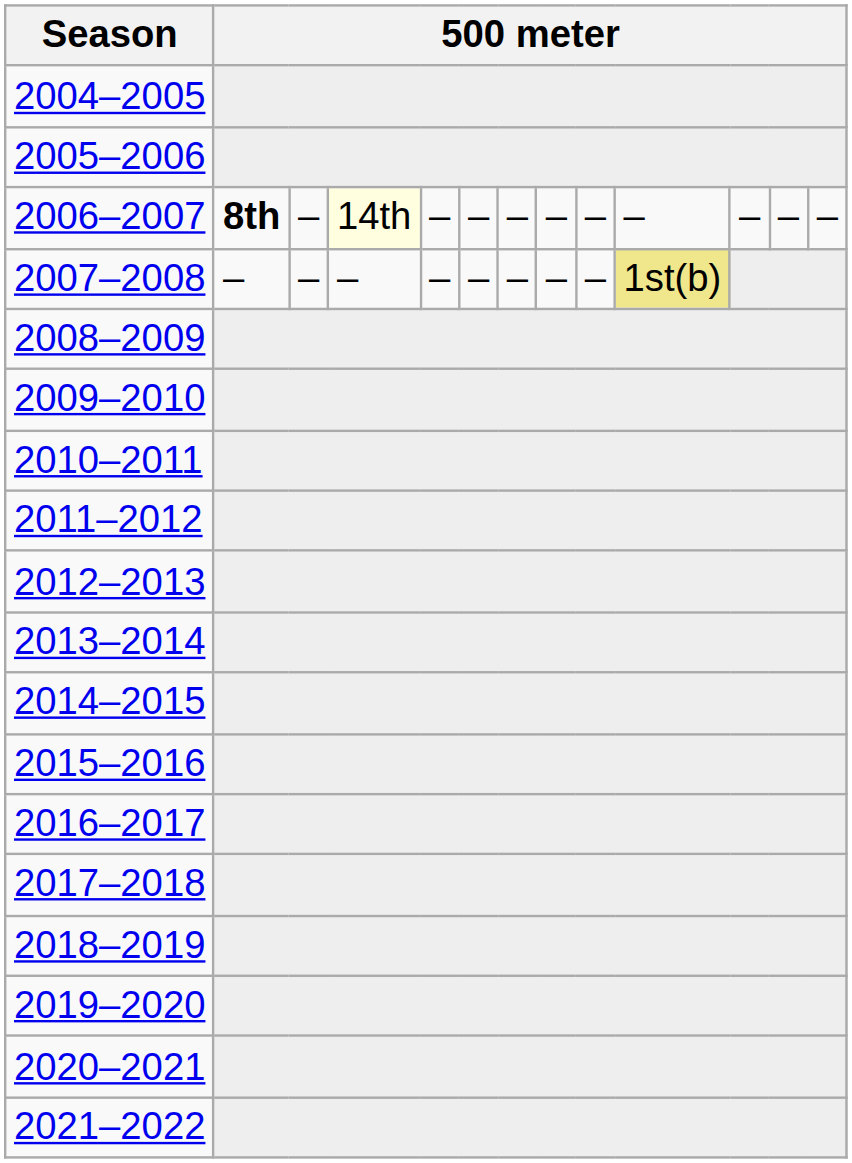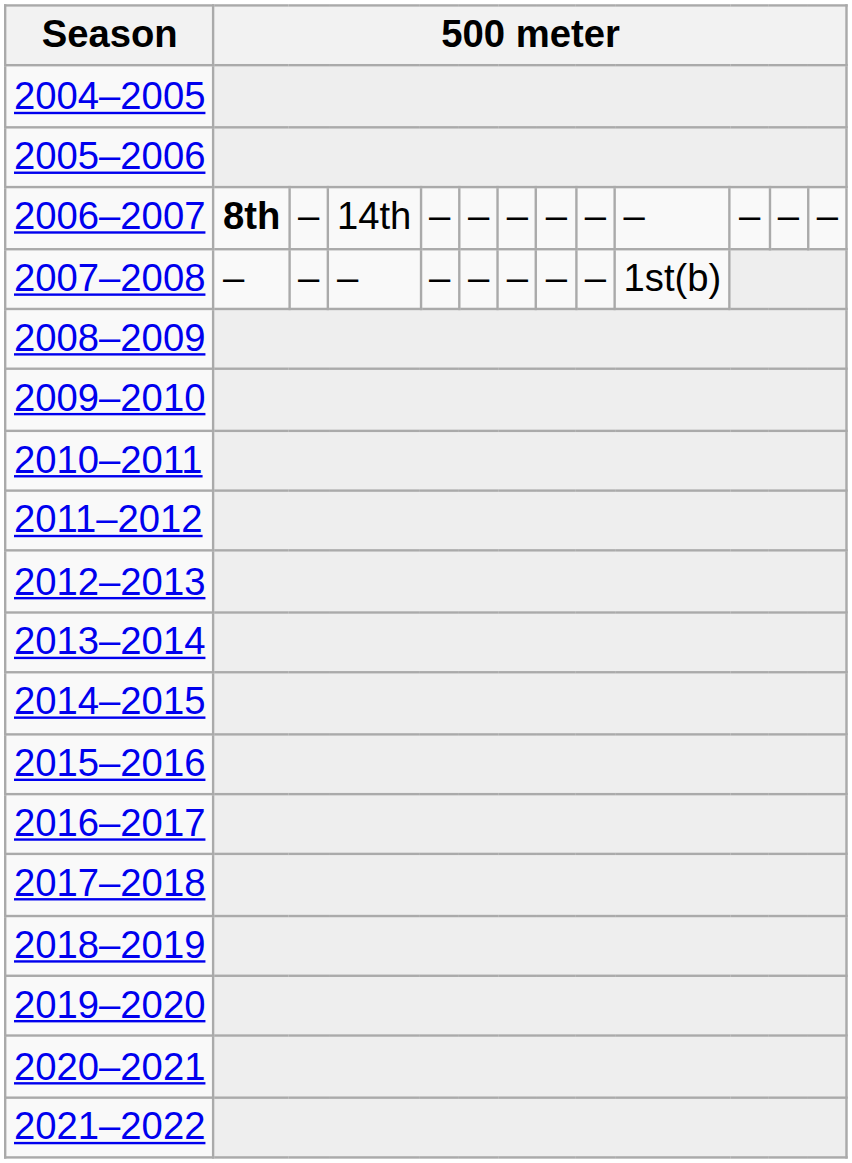 <table class="wikitable" style="display: inline-table;">
 <tr>
 <th>Season</th>
 <th colspan="12">500 meter</th>
 </tr>
 <tr>
 <td><a href='#'>2004–2005</a></td>
 <td colspan="12" bgcolor=#EEEEEE></td>
 </tr>
 <tr>
 <td><a href='#'>2005–2006</a></td>
 <td colspan="12" bgcolor=#EEEEEE></td>
 </tr>
 <tr>
 <td><a href='#'>2006–2007</a></td>
 <td><strong>8th</strong></td>
 <td>–</td>
-<td style="background: lightyellow;">14th</td>
+<td>14th</td>
 <td>–</td>
 <td>–</td>
 <td>–</td>
 <td>–</td>
 <td>–</td>
 <td>–</td>
 <td>–</td>
 <td>–</td>
 <td>–</td>
 </tr>
 <tr>
 <td><a href='#'>2007–2008</a></td>
 <td>–</td>
 <td>–</td>
 <td>–</td>
 <td>–</td>
 <td>–</td>
 <td>–</td>
 <td>–</td>
 <td>–</td>
-<td style="background: khaki;">1st(b)</td>
+<td>1st(b)</td>
 <td colspan="3" bgcolor=#EEEEEE></td>
 </tr>
 <tr>
 <td><a href='#'>2008–2009</a></td>
 <td colspan="12" bgcolor=#EEEEEE></td>
 </tr>
 <tr>
 <td><a href='#'>2009–2010</a></td>
 <td colspan="12" bgcolor=#EEEEEE></td>
 </tr>
 <tr>
 <td><a href='#'>2010–2011</a></td>
 <td colspan="12" bgcolor=#EEEEEE></td>
 </tr>
 <tr>
 <td><a href='#'>2011–2012</a></td>
 <td colspan="12" bgcolor=#EEEEEE></td>
 </tr>
 <tr>
 <td><a href='#'>2012–2013</a></td>
 <td colspan="12" bgcolor=#EEEEEE></td>
 </tr>
 <tr>
 <td><a href='#'>2013–2014</a></td>
 <td colspan="12" bgcolor=#EEEEEE></td>
 </tr>
 <tr>
 <td><a href='#'>2014–2015</a></td>
 <td colspan="12" bgcolor=#EEEEEE></td>
 </tr>
 <tr>
 <td><a href='#'>2015–2016</a></td>
 <td colspan="12" bgcolor=#EEEEEE></td>
 </tr>
 <tr>
 <td><a href='#'>2016–2017</a></td>
 <td colspan="12" bgcolor=#EEEEEE></td>
 </tr>
 <tr>
 <td><a href='#'>2017–2018</a></td>
 <td colspan="12" bgcolor=#EEEEEE></td>
 </tr>
 <tr>
 <td><a href='#'>2018–2019</a></td>
 <td colspan="12" bgcolor=#EEEEEE></td>
 </tr>
 <tr>
 <td><a href='#'>2019–2020</a></td>
 <td colspan="12" bgcolor=#EEEEEE></td>
 </tr>
 <tr>
 <td><a href='#'>2020–2021</a></td>
 <td colspan="12" bgcolor=#EEEEEE></td>
 </tr>
 <tr>
 <td><a href='#'>2021–2022</a></td>
 <td colspan="12" bgcolor=#EEEEEE></td>
 </tr>
 </table>
